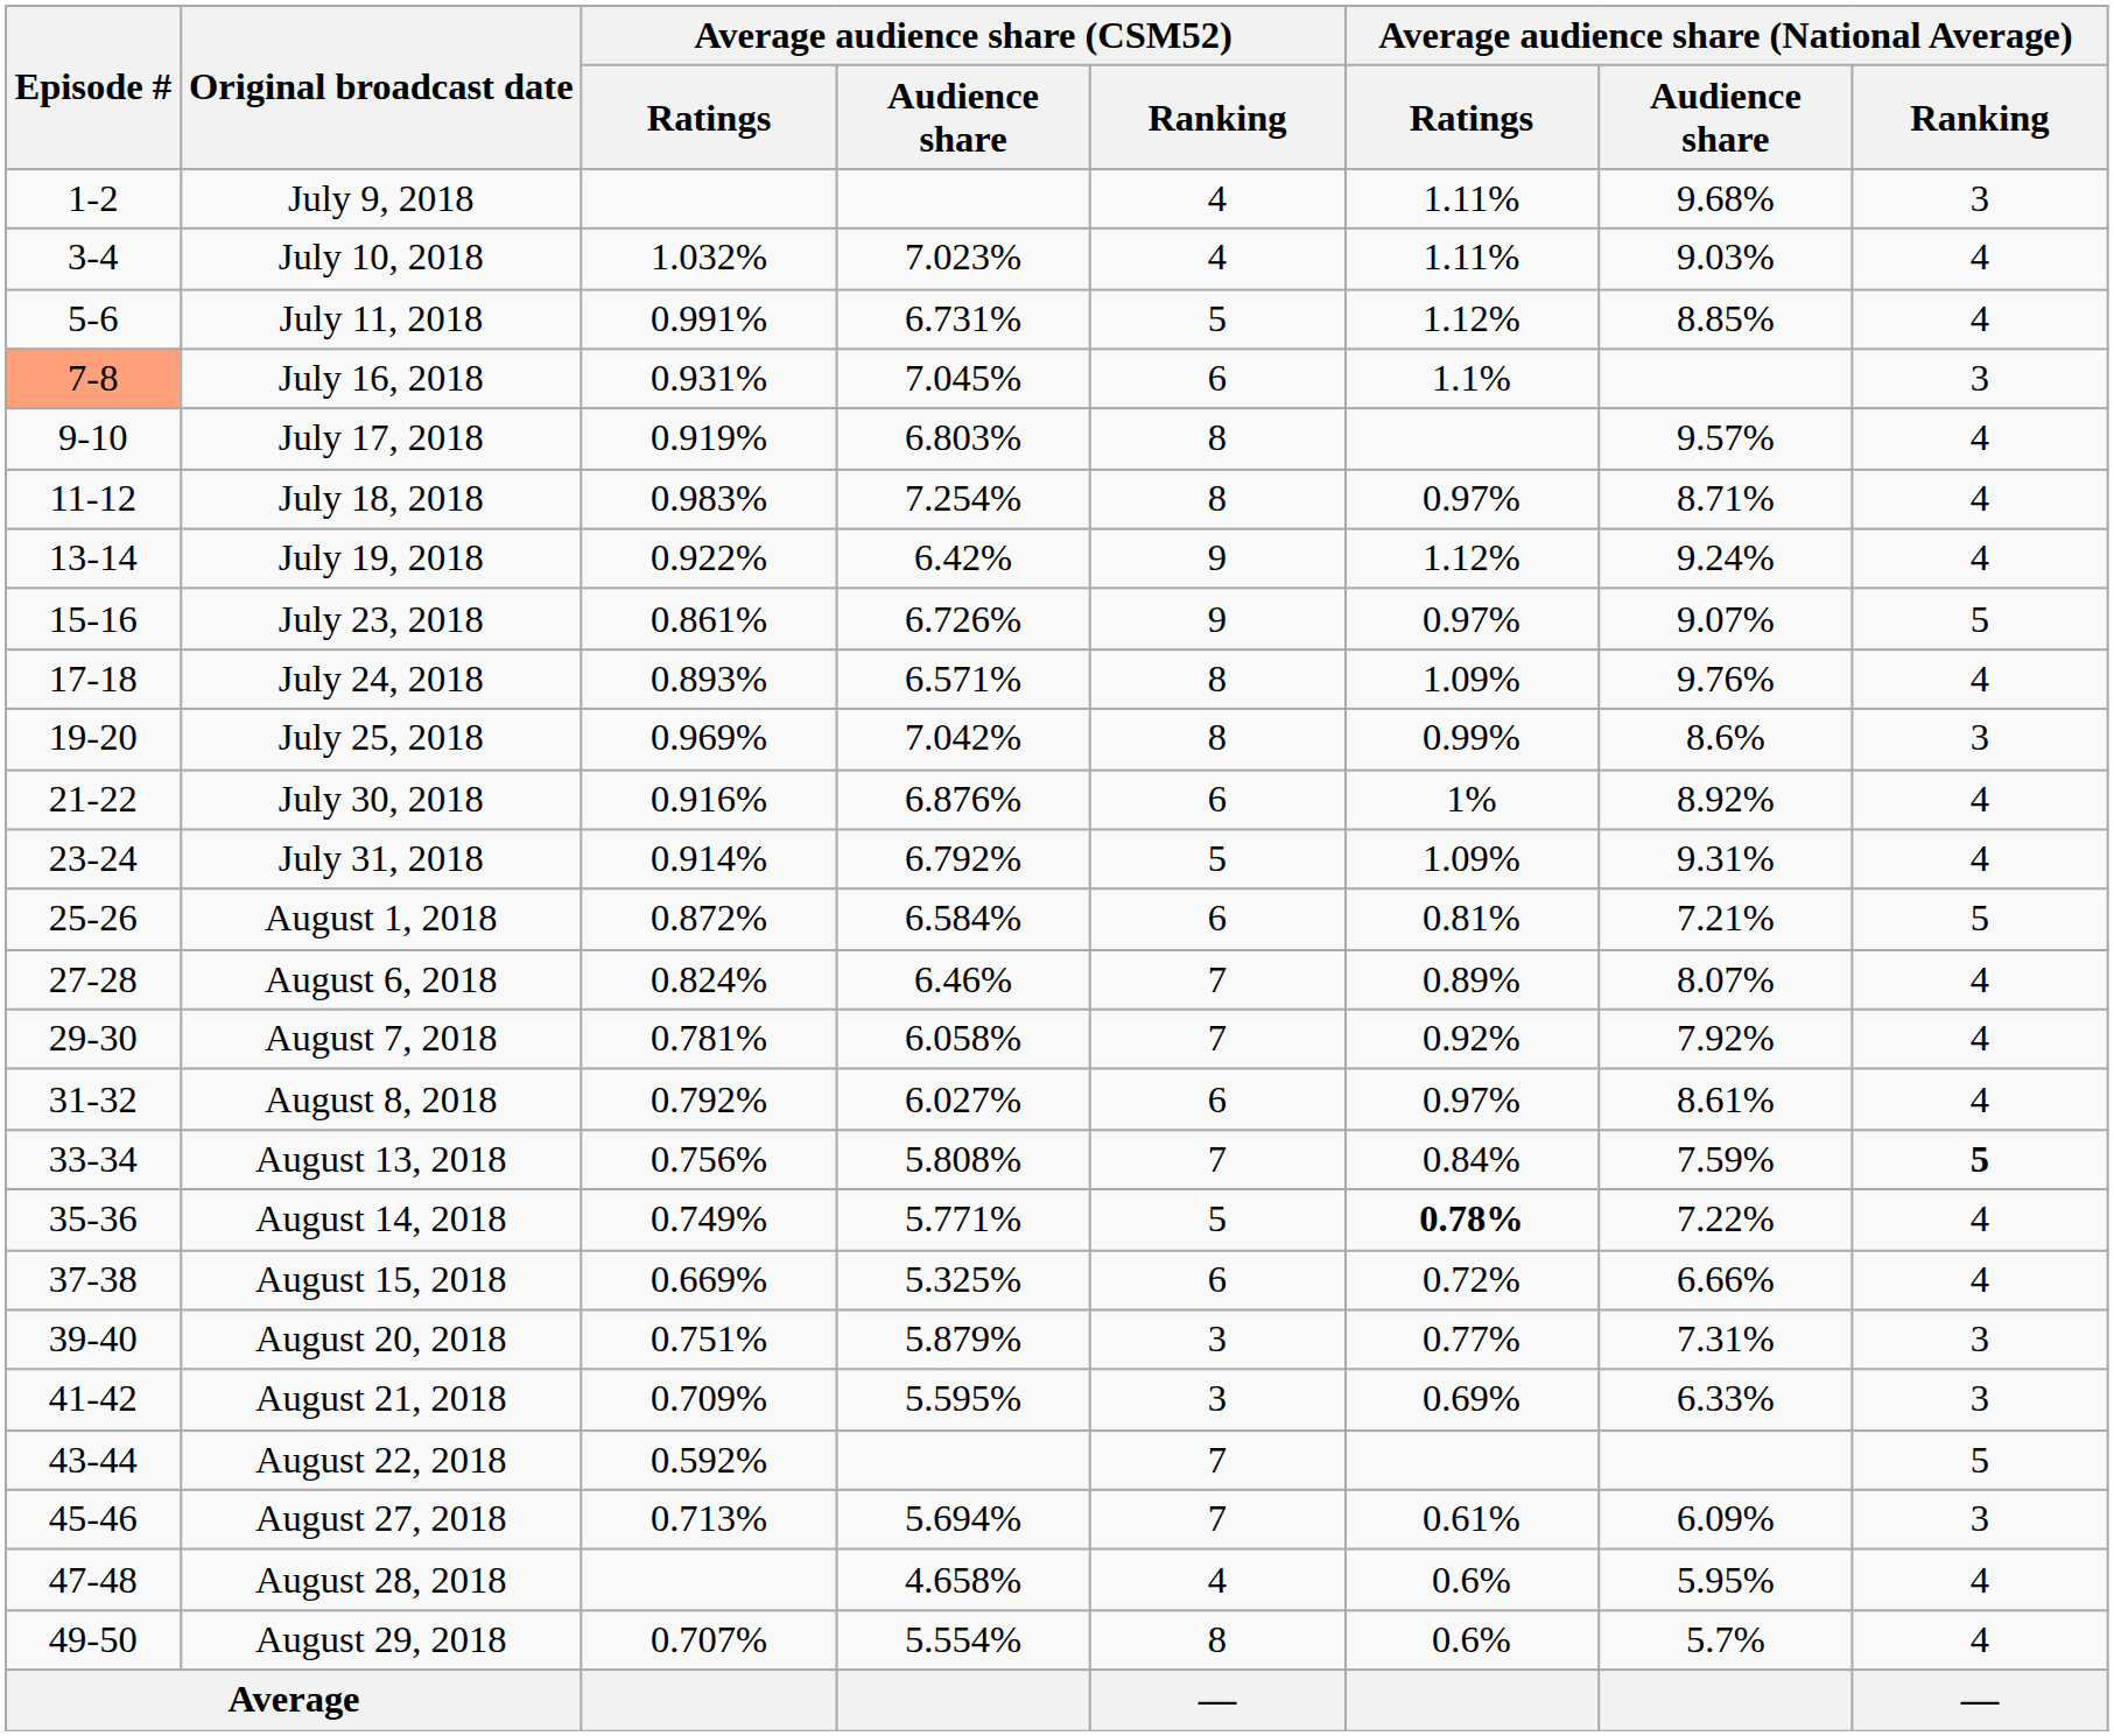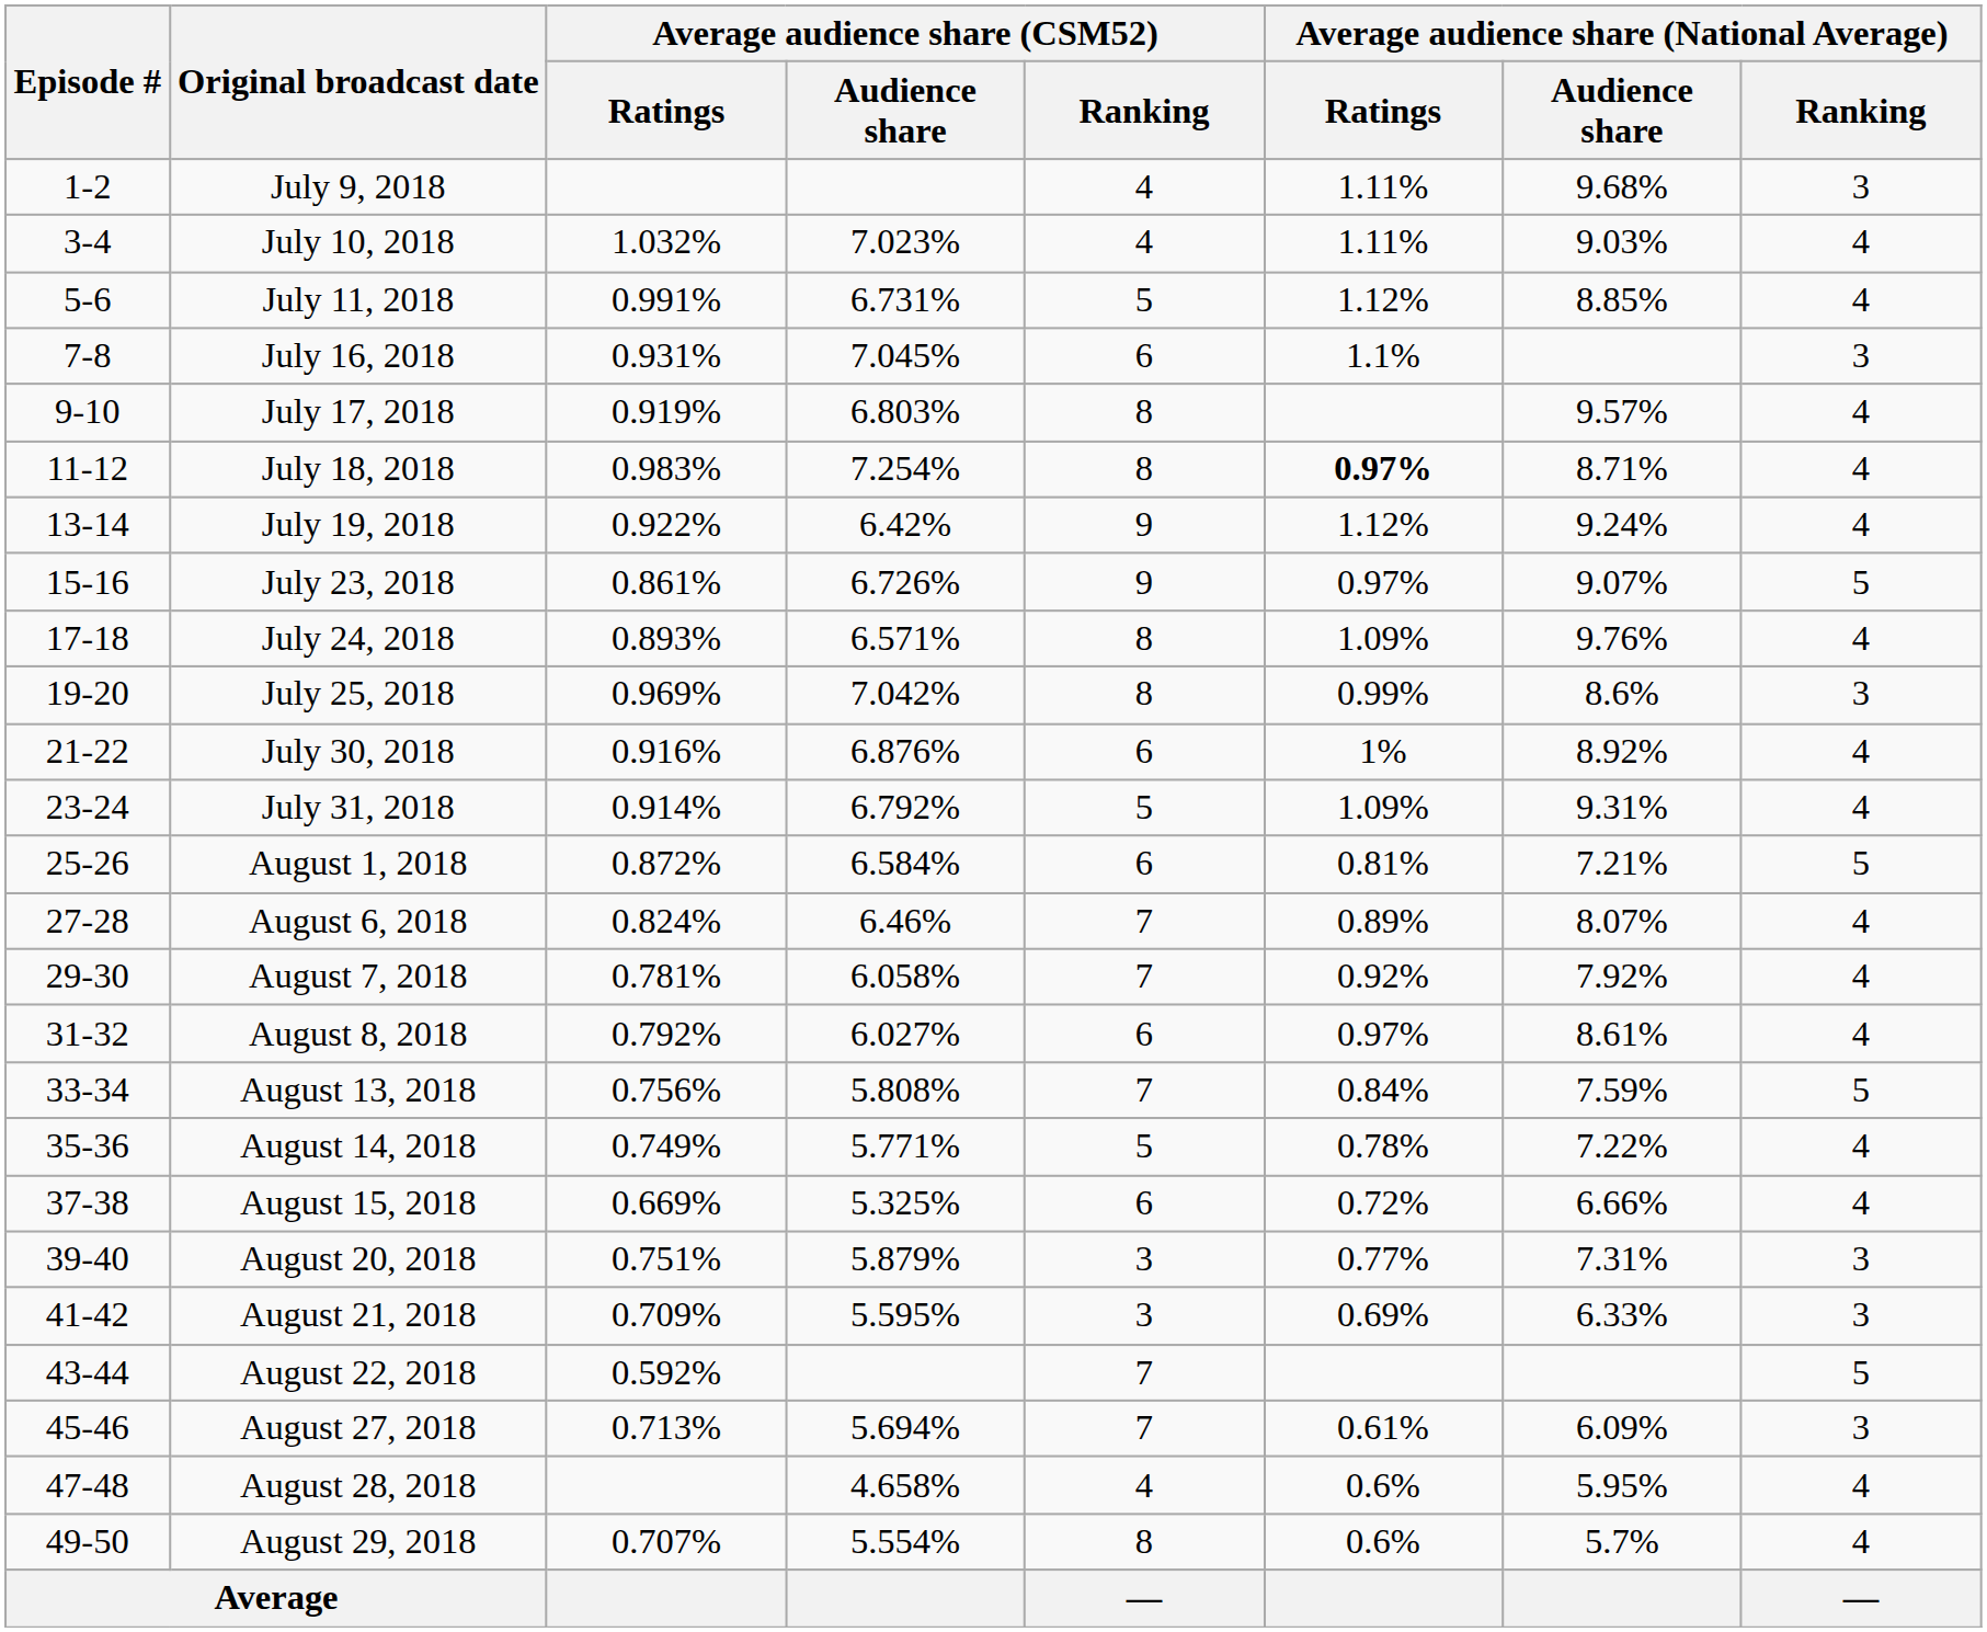 <table class=wikitable style="text-align:center">
 <tr>
 <th rowspan="2">Episode #</th>
 <th rowspan="2">Original broadcast date</th>
 <th colspan="3">Average audience share (CSM52)</th>
 <th colspan="3">Average audience share (National Average)</th>
 </tr>
 <tr>
 <th width=100>Ratings</th>
 <th width=100>Audience share</th>
 <th width=100>Ranking</th>
 <th width=100>Ratings</th>
 <th width=100>Audience share</th>
 <th width=100>Ranking</th>
 </tr>
 <tr>
 <td>1-2</td>
 <td>July 9, 2018</td>
 <td></td>
 <td></td>
 <td>4</td>
 <td>1.11%</td>
 <td>9.68%</td>
 <td>3</td>
 </tr>
 <tr>
 <td>3-4</td>
 <td>July 10, 2018</td>
 <td>1.032%</td>
 <td>7.023%</td>
 <td>4</td>
 <td>1.11%</td>
 <td>9.03%</td>
 <td>4</td>
 </tr>
 <tr>
 <td>5-6</td>
 <td>July 11, 2018</td>
 <td>0.991%</td>
 <td>6.731%</td>
 <td>5</td>
 <td>1.12%</td>
 <td>8.85%</td>
 <td>4</td>
 </tr>
 <tr>
-<td style="background: lightsalmon;">7-8</td>
+<td>7-8</td>
 <td>July 16, 2018</td>
 <td>0.931%</td>
 <td>7.045%</td>
 <td>6</td>
 <td>1.1%</td>
 <td></td>
 <td>3</td>
 </tr>
 <tr>
 <td>9-10</td>
 <td>July 17, 2018</td>
 <td>0.919%</td>
 <td>6.803%</td>
 <td>8</td>
 <td></td>
 <td>9.57%</td>
 <td>4</td>
 </tr>
 <tr>
 <td>11-12</td>
 <td>July 18, 2018</td>
 <td>0.983%</td>
 <td>7.254%</td>
 <td>8</td>
-<td>0.97%</td>
+<td><strong>0.97%</strong></td>
 <td>8.71%</td>
 <td>4</td>
 </tr>
 <tr>
 <td>13-14</td>
 <td>July 19, 2018</td>
 <td>0.922%</td>
 <td>6.42%</td>
 <td>9</td>
 <td>1.12%</td>
 <td>9.24%</td>
 <td>4</td>
 </tr>
 <tr>
 <td>15-16</td>
 <td>July 23, 2018</td>
 <td>0.861%</td>
 <td>6.726%</td>
 <td>9</td>
 <td>0.97%</td>
 <td>9.07%</td>
 <td>5</td>
 </tr>
 <tr>
 <td>17-18</td>
 <td>July 24, 2018</td>
 <td>0.893%</td>
 <td>6.571%</td>
 <td>8</td>
 <td>1.09%</td>
 <td>9.76%</td>
 <td>4</td>
 </tr>
 <tr>
 <td>19-20</td>
 <td>July 25, 2018</td>
 <td>0.969%</td>
 <td>7.042%</td>
 <td>8</td>
 <td>0.99%</td>
 <td>8.6%</td>
 <td>3</td>
 </tr>
 <tr>
 <td>21-22</td>
 <td>July 30, 2018</td>
 <td>0.916%</td>
 <td>6.876%</td>
 <td>6</td>
 <td>1%</td>
 <td>8.92%</td>
 <td>4</td>
 </tr>
 <tr>
 <td>23-24</td>
 <td>July 31, 2018</td>
 <td>0.914%</td>
 <td>6.792%</td>
 <td>5</td>
 <td>1.09%</td>
 <td>9.31%</td>
 <td>4</td>
 </tr>
 <tr>
 <td>25-26</td>
 <td>August 1, 2018</td>
 <td>0.872%</td>
 <td>6.584%</td>
 <td>6</td>
 <td>0.81%</td>
 <td>7.21%</td>
 <td>5</td>
 </tr>
 <tr>
 <td>27-28</td>
 <td>August 6, 2018</td>
 <td>0.824%</td>
 <td>6.46%</td>
 <td>7</td>
 <td>0.89%</td>
 <td>8.07%</td>
 <td>4</td>
 </tr>
 <tr>
 <td>29-30</td>
 <td>August 7, 2018</td>
 <td>0.781%</td>
 <td>6.058%</td>
 <td>7</td>
 <td>0.92%</td>
 <td>7.92%</td>
 <td>4</td>
 </tr>
 <tr>
 <td>31-32</td>
 <td>August 8, 2018</td>
 <td>0.792%</td>
 <td>6.027%</td>
 <td>6</td>
 <td>0.97%</td>
 <td>8.61%</td>
 <td>4</td>
 </tr>
 <tr>
 <td>33-34</td>
 <td>August 13, 2018</td>
 <td>0.756%</td>
 <td>5.808%</td>
 <td>7</td>
 <td>0.84%</td>
 <td>7.59%</td>
-<td><strong>5</strong></td>
+<td>5</td>
 </tr>
 <tr>
 <td>35-36</td>
 <td>August 14, 2018</td>
 <td>0.749%</td>
 <td>5.771%</td>
 <td>5</td>
-<td><strong>0.78%</strong></td>
+<td>0.78%</td>
 <td>7.22%</td>
 <td>4</td>
 </tr>
 <tr>
 <td>37-38</td>
 <td>August 15, 2018</td>
 <td>0.669%</td>
 <td>5.325%</td>
 <td>6</td>
 <td>0.72%</td>
 <td>6.66%</td>
 <td>4</td>
 </tr>
 <tr>
 <td>39-40</td>
 <td>August 20, 2018</td>
 <td>0.751%</td>
 <td>5.879%</td>
 <td>3</td>
 <td>0.77%</td>
 <td>7.31%</td>
 <td>3</td>
 </tr>
 <tr>
 <td>41-42</td>
 <td>August 21, 2018</td>
 <td>0.709%</td>
 <td>5.595%</td>
 <td>3</td>
 <td>0.69%</td>
 <td>6.33%</td>
 <td>3</td>
 </tr>
 <tr>
 <td>43-44</td>
 <td>August 22, 2018</td>
 <td>0.592%</td>
 <td></td>
 <td>7</td>
 <td></td>
 <td></td>
 <td>5</td>
 </tr>
 <tr>
 <td>45-46</td>
 <td>August 27, 2018</td>
 <td>0.713%</td>
 <td>5.694%</td>
 <td>7</td>
 <td>0.61%</td>
 <td>6.09%</td>
 <td>3</td>
 </tr>
 <tr>
 <td>47-48</td>
 <td>August 28, 2018</td>
 <td></td>
 <td>4.658%</td>
 <td>4</td>
 <td>0.6%</td>
 <td>5.95%</td>
 <td>4</td>
 </tr>
 <tr>
 <td>49-50</td>
 <td>August 29, 2018</td>
 <td>0.707%</td>
 <td>5.554%</td>
 <td>8</td>
 <td>0.6%</td>
 <td>5.7%</td>
 <td>4</td>
 </tr>
 <tr>
 <th colspan=2>Average</th>
 <th></th>
 <th></th>
 <th>—</th>
 <th></th>
 <th></th>
 <th>—</th>
 </tr>
 <tr>
 </tr>
 </table>
